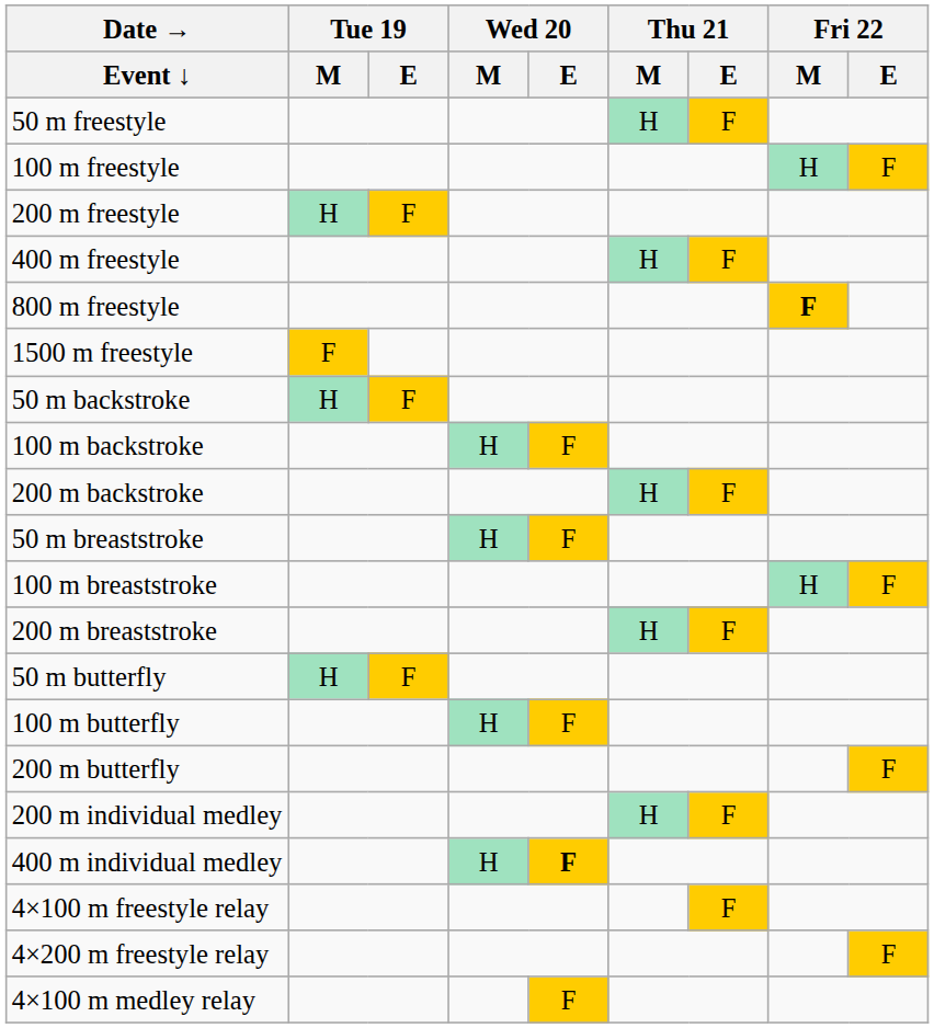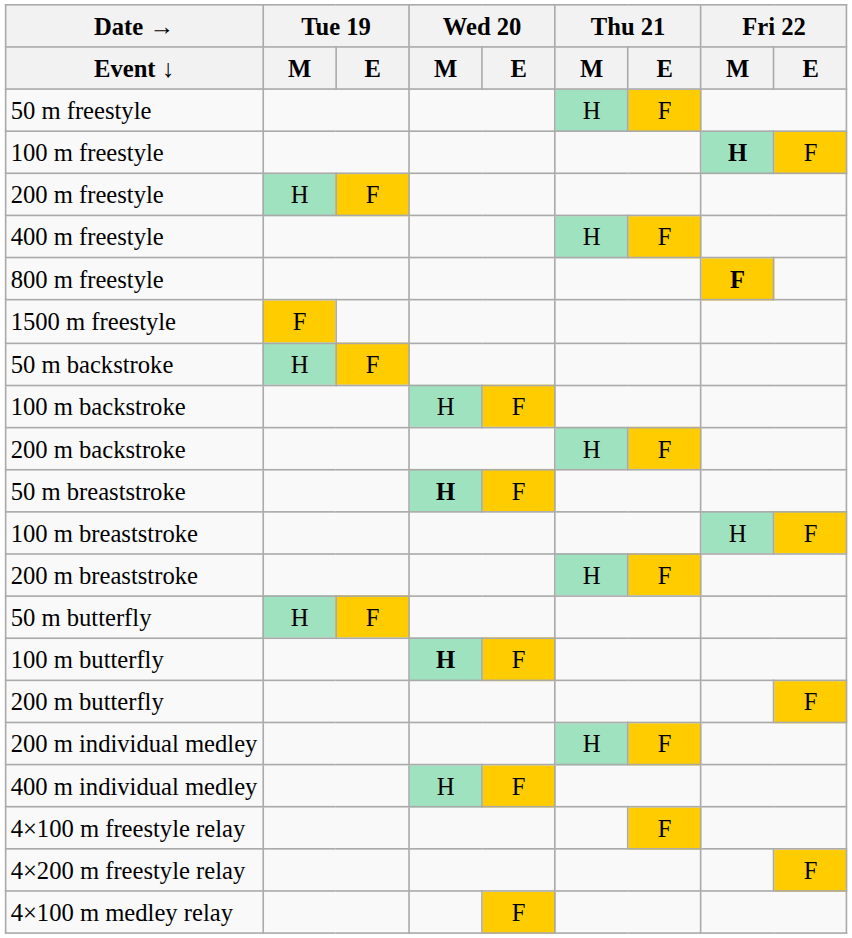 <table class="wikitable" style="margin:0.5em auto; font-size:95%; line-height:1.25em;">
 <tr style="text-align:center;">
 <th>Date →</th>
 <th colspan="2">Tue 19</th>
 <th colspan="2">Wed 20</th>
 <th colspan="2">Thu 21</th>
 <th colspan="2">Fri 22</th>
 </tr>
 <tr>
 <th>Event   ↓</th>
 <th style="width:2.5em;">M</th>
 <th style="width:2.5em;">E</th>
 <th style="width:2.5em;">M</th>
 <th style="width:2.5em;">E</th>
 <th style="width:2.5em;">M</th>
 <th style="width:2.5em;">E</th>
 <th style="width:2.5em;">M</th>
 <th style="width:2.5em;">E</th>
 </tr>
 <tr style="text-align:center;">
 <td style="text-align:left;">50 m freestyle</td>
 <td colspan="2"></td>
 <td colspan="2"></td>
 <td style="background-color:#9fe2bf;">H</td>
 <td style="background-color:#ffcc00;">F</td>
 <td colspan="2"></td>
 </tr>
 <tr style="text-align:center;">
 <td style="text-align:left;">100 m freestyle</td>
 <td colspan="2"></td>
 <td colspan="2"></td>
 <td colspan="2"></td>
-<td style="background-color:#9fe2bf;">H</td>
+<td style="background-color:#9fe2bf;"><strong>H</strong></td>
 <td style="background-color:#ffcc00;">F</td>
 </tr>
 <tr style="text-align:center;">
 <td style="text-align:left;">200 m freestyle</td>
 <td style="background-color:#9fe2bf;">H</td>
 <td style="background-color:#ffcc00;">F</td>
 <td colspan="2"></td>
 <td colspan="2"></td>
 <td colspan="2"></td>
 </tr>
 <tr style="text-align:center;">
 <td style="text-align:left;">400 m freestyle</td>
 <td colspan="2"></td>
 <td colspan="2"></td>
 <td style="background-color:#9fe2bf;">H</td>
 <td style="background-color:#ffcc00;">F</td>
 <td colspan="2"></td>
 </tr>
 <tr style="text-align:center;">
 <td style="text-align:left;">800 m freestyle</td>
 <td colspan="2"></td>
 <td colspan="2"></td>
 <td colspan="2"></td>
 <td style="background-color:#ffcc00;"><strong>F</strong></td>
 <td></td>
 </tr>
 <tr style="text-align:center;">
 <td style="text-align:left;">1500 m freestyle</td>
 <td style="background-color:#ffcc00;">F</td>
 <td></td>
 <td colspan="2"></td>
 <td colspan="2"></td>
 <td colspan="2"></td>
 </tr>
 <tr style="text-align:center;">
 <td style="text-align:left;">50 m backstroke</td>
 <td style="background-color:#9fe2bf;">H</td>
 <td style="background-color:#ffcc00;">F</td>
 <td colspan="2"></td>
 <td colspan="2"></td>
 <td colspan="2"></td>
 </tr>
 <tr style="text-align:center;">
 <td style="text-align:left;">100 m backstroke</td>
 <td colspan="2"></td>
 <td style="background-color:#9fe2bf;">H</td>
 <td style="background-color:#ffcc00;">F</td>
 <td colspan="2"></td>
 <td colspan="2"></td>
 </tr>
 <tr style="text-align:center;">
 <td style="text-align:left;">200 m backstroke</td>
 <td colspan="2"></td>
 <td colspan="2"></td>
 <td style="background-color:#9fe2bf;">H</td>
 <td style="background-color:#ffcc00;">F</td>
 <td colspan="2"></td>
 </tr>
 <tr style="text-align:center;">
 <td style="text-align:left;">50 m breaststroke</td>
 <td colspan="2"></td>
-<td style="background-color:#9fe2bf;">H</td>
+<td style="background-color:#9fe2bf;"><strong>H</strong></td>
 <td style="background-color:#ffcc00;">F</td>
 <td colspan="2"></td>
 <td colspan="2"></td>
 </tr>
 <tr style="text-align:center;">
 <td style="text-align:left;">100 m breaststroke</td>
 <td colspan="2"></td>
 <td colspan="2"></td>
 <td colspan="2"></td>
 <td style="background-color:#9fe2bf;">H</td>
 <td style="background-color:#ffcc00;">F</td>
 </tr>
 <tr style="text-align:center;">
 <td style="text-align:left;">200 m breaststroke</td>
 <td colspan="2"></td>
 <td colspan="2"></td>
 <td style="background-color:#9fe2bf;">H</td>
 <td style="background-color:#ffcc00;">F</td>
 <td colspan="2"></td>
 </tr>
 <tr style="text-align:center;">
 <td style="text-align:left;">50 m butterfly</td>
 <td style="background-color:#9fe2bf;">H</td>
 <td style="background-color:#ffcc00;">F</td>
 <td colspan="2"></td>
 <td colspan="2"></td>
 <td colspan="2"></td>
 </tr>
 <tr style="text-align:center;">
 <td style="text-align:left;">100 m butterfly</td>
 <td colspan="2"></td>
-<td style="background-color:#9fe2bf;">H</td>
+<td style="background-color:#9fe2bf;"><strong>H</strong></td>
 <td style="background-color:#ffcc00;">F</td>
 <td colspan="2"></td>
 <td colspan="2"></td>
 </tr>
 <tr style="text-align:center;">
 <td style="text-align:left;">200 m butterfly</td>
 <td colspan="2"></td>
 <td colspan="2"></td>
 <td colspan="2"></td>
 <td></td>
 <td style="background-color:#ffcc00;">F</td>
 </tr>
 <tr style="text-align:center;">
 <td style="text-align:left;">200 m individual medley</td>
 <td colspan="2"></td>
 <td colspan="2"></td>
 <td style="background-color:#9fe2bf;">H</td>
 <td style="background-color:#ffcc00;">F</td>
 <td colspan="2"></td>
 </tr>
 <tr style="text-align:center;">
 <td style="text-align:left;">400 m individual medley</td>
 <td colspan="2"></td>
 <td style="background-color:#9fe2bf;">H</td>
-<td style="background-color:#ffcc00;"><strong>F</strong></td>
+<td style="background-color:#ffcc00;">F</td>
 <td colspan="2"></td>
 <td colspan="2"></td>
 </tr>
 <tr style="text-align:center;">
 <td style="text-align:left;">4×100 m freestyle relay</td>
 <td colspan="2"></td>
 <td colspan="2"></td>
 <td></td>
 <td style="background-color:#ffcc00;">F</td>
 <td colspan="2"></td>
 </tr>
 <tr style="text-align:center;">
 <td style="text-align:left;">4×200 m freestyle relay</td>
 <td colspan="2"></td>
 <td colspan="2"></td>
 <td colspan="2"></td>
 <td></td>
 <td style="background-color:#ffcc00;">F</td>
 </tr>
 <tr style="text-align:center;">
 <td style="text-align:left;">4×100 m medley relay</td>
 <td colspan="2"></td>
 <td></td>
 <td style="background-color:#ffcc00;">F</td>
 <td colspan="2"></td>
 <td colspan="2"></td>
 </tr>
 </table>
